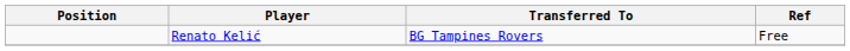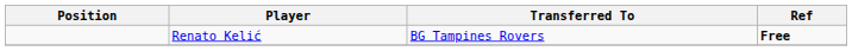 <table class="wikitable sortable" style="width:70%; text-align:center; font-size:100%; text-align:left;">
 <tr>
 <th>Position</th>
 <th>Player</th>
 <th>Transferred To</th>
 <th>Ref</th>
 </tr>
 <tr>
 <td></td>
 <td> <a href='#'>Renato Kelić</a></td>
 <td> <a href='#'>BG Tampines Rovers</a></td>
-<td>Free</td>
+<td><strong>Free</strong></td>
 </tr>
 <tr>
 </tr>
 </table>
